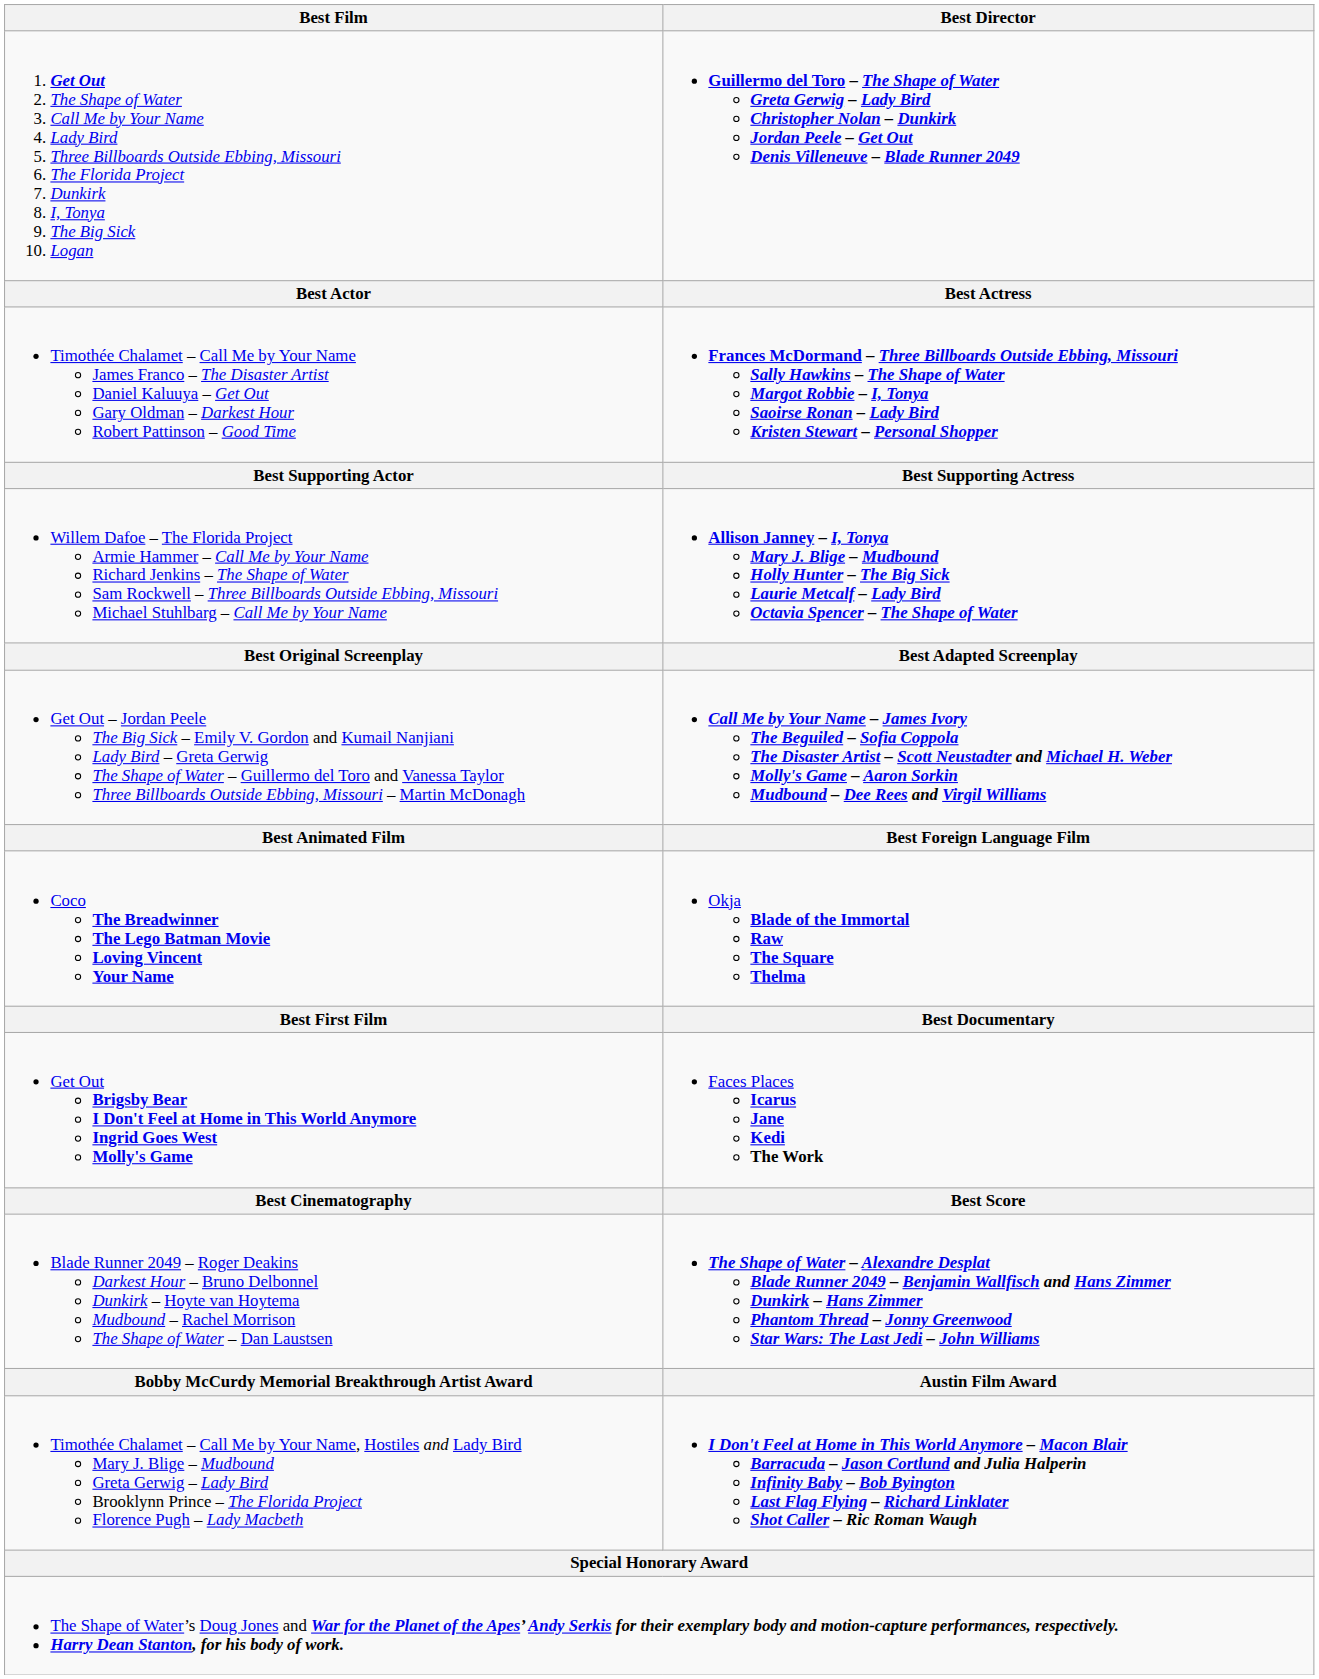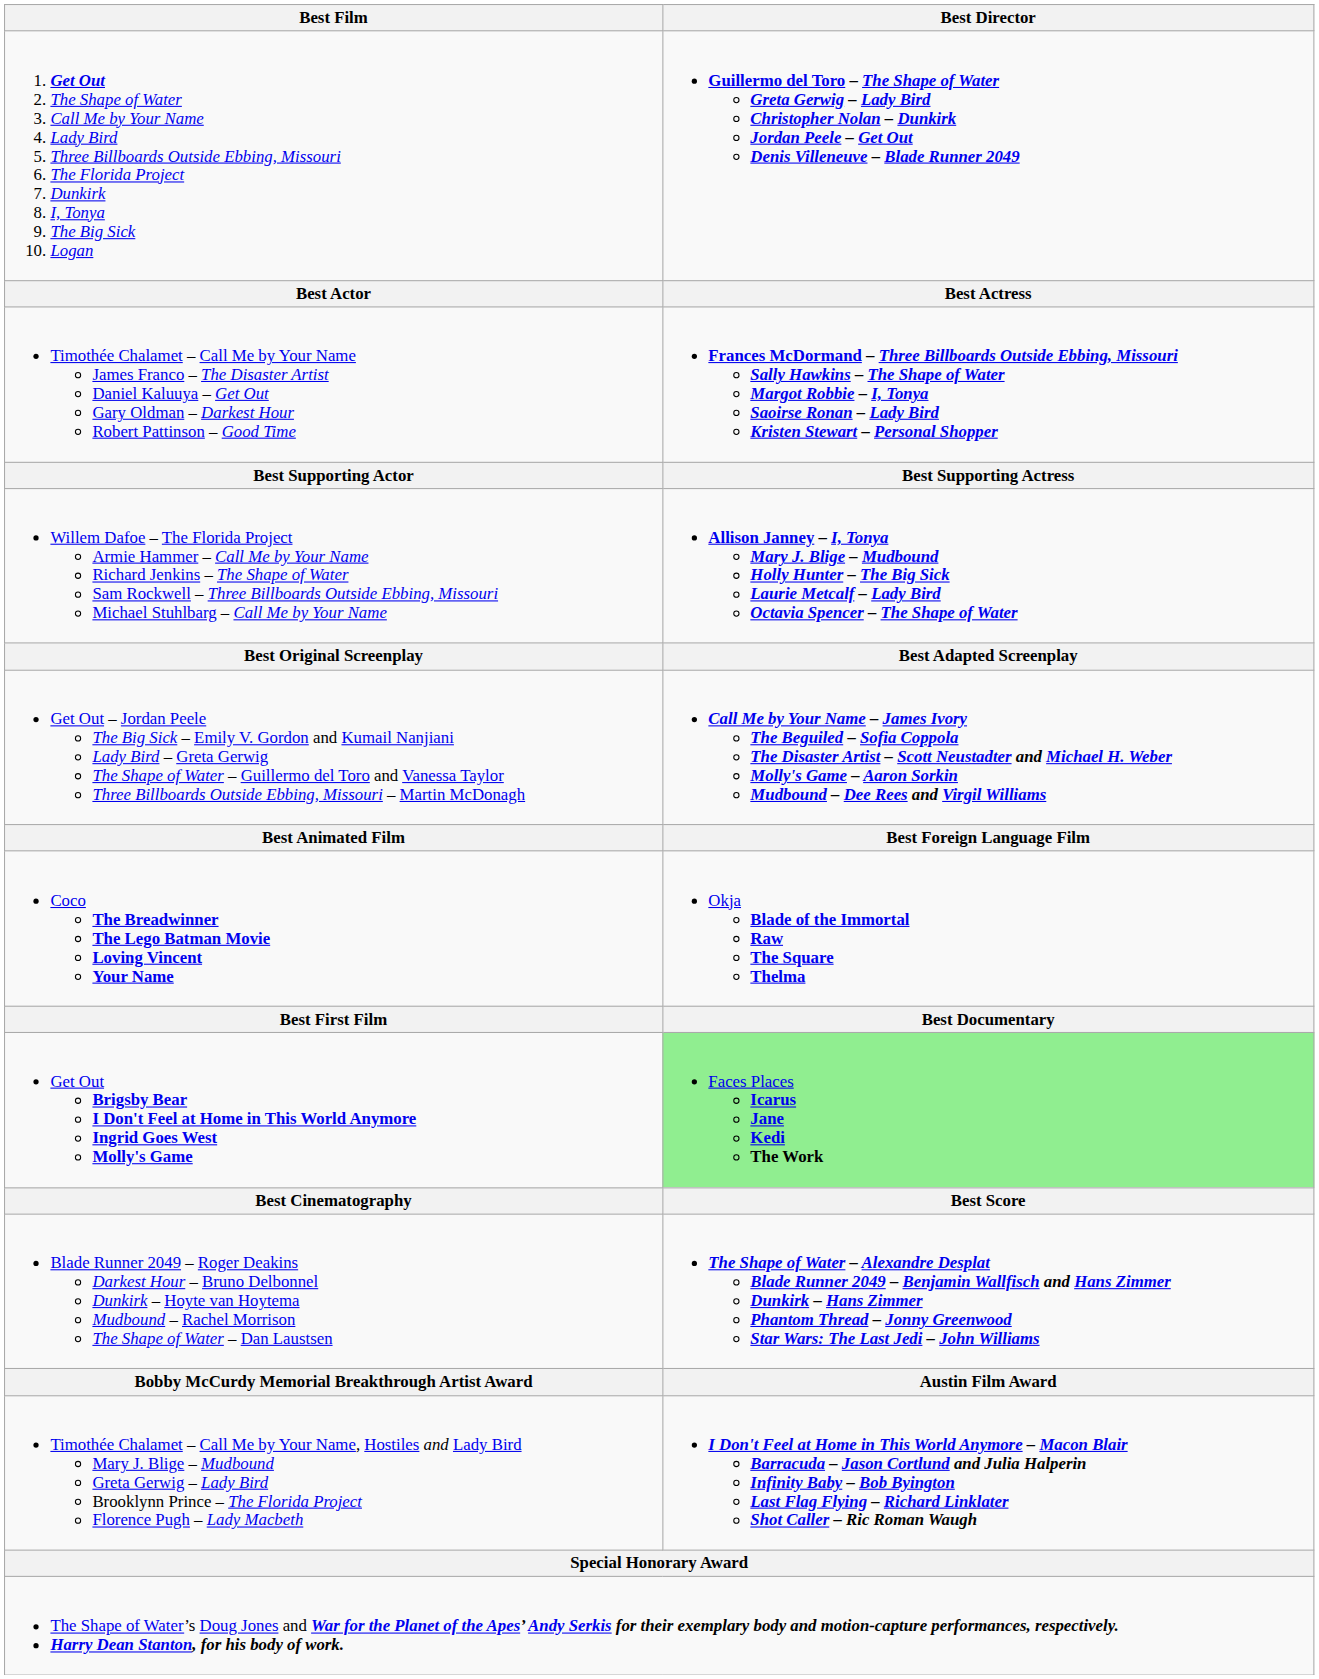 <table class=wikitable style="width=100%">
 <tr>
 <th style="width=50%">Best Film</th>
 <th style="width=50%">Best Director</th>
 </tr>
 <tr>
 <td valign="top"><br><ol><li><strong><em><a href='#'>Get Out</a></em></strong></li><li><em><a href='#'>The Shape of Water</a></em></li><li><em><a href='#'>Call Me by Your Name</a></em></li><li><em><a href='#'>Lady Bird</a></em></li><li><em><a href='#'>Three Billboards Outside Ebbing, Missouri</a></em></li><li><em><a href='#'>The Florida Project</a></em></li><li><em><a href='#'>Dunkirk</a></em></li><li><em><a href='#'>I, Tonya</a></em></li><li><em><a href='#'>The Big Sick</a></em></li><li><em><a href='#'>Logan</a></em></li></ol></td>
 <td valign="top"><br><ul><li><strong><a href='#'>Guillermo del Toro</a> – <em><a href='#'>The Shape of Water</a><strong><em><ul><li><a href='#'>Greta Gerwig</a> – </em><a href='#'>Lady Bird</a><em></li><li><a href='#'>Christopher Nolan</a> – </em><a href='#'>Dunkirk</a><em></li><li><a href='#'>Jordan Peele</a> – </em><a href='#'>Get Out</a><em></li><li><a href='#'>Denis Villeneuve</a> – </em><a href='#'>Blade Runner 2049</a><em></li></ul></li></ul></td>
 </tr>
 <tr>
 <th style="width=50%">Best Actor</th>
 <th style="width=50%">Best Actress</th>
 </tr>
 <tr>
 <td valign="top"><br><ul><li></strong><a href='#'>Timothée Chalamet</a> – </em><a href='#'>Call Me by Your Name</a></em></strong><ul><li><a href='#'>James Franco</a> – <em><a href='#'>The Disaster Artist</a></em></li><li><a href='#'>Daniel Kaluuya</a> – <em><a href='#'>Get Out</a></em></li><li><a href='#'>Gary Oldman</a> – <em><a href='#'>Darkest Hour</a></em></li><li><a href='#'>Robert Pattinson</a> – <em><a href='#'>Good Time</a></em></li></ul></li></ul></td>
 <td valign="top"><br><ul><li><strong><a href='#'>Frances McDormand</a> – <em><a href='#'>Three Billboards Outside Ebbing, Missouri</a><strong><em><ul><li><a href='#'>Sally Hawkins</a> – </em><a href='#'>The Shape of Water</a><em></li><li><a href='#'>Margot Robbie</a> – </em><a href='#'>I, Tonya</a><em></li><li><a href='#'>Saoirse Ronan</a> – </em><a href='#'>Lady Bird</a><em></li><li><a href='#'>Kristen Stewart</a> – </em><a href='#'>Personal Shopper</a><em></li></ul></li></ul></td>
 </tr>
 <tr>
 <th style="width=50%">Best Supporting Actor</th>
 <th style="width=50%">Best Supporting Actress</th>
 </tr>
 <tr>
 <td valign="top"><br><ul><li></strong><a href='#'>Willem Dafoe</a> – </em><a href='#'>The Florida Project</a></em></strong><ul><li><a href='#'>Armie Hammer</a> – <em><a href='#'>Call Me by Your Name</a></em></li><li><a href='#'>Richard Jenkins</a> – <em><a href='#'>The Shape of Water</a></em></li><li><a href='#'>Sam Rockwell</a> – <em><a href='#'>Three Billboards Outside Ebbing, Missouri</a></em></li><li><a href='#'>Michael Stuhlbarg</a> – <em><a href='#'>Call Me by Your Name</a></em></li></ul></li></ul></td>
 <td valign="top"><br><ul><li><strong><a href='#'>Allison Janney</a> – <em><a href='#'>I, Tonya</a><strong><em><ul><li><a href='#'>Mary J. Blige</a> – </em><a href='#'>Mudbound</a><em></li><li><a href='#'>Holly Hunter</a> – </em><a href='#'>The Big Sick</a><em></li><li><a href='#'>Laurie Metcalf</a> – </em><a href='#'>Lady Bird</a><em></li><li><a href='#'>Octavia Spencer</a> – </em><a href='#'>The Shape of Water</a><em></li></ul></li></ul></td>
 </tr>
 <tr>
 <th style="width=50%">Best Original Screenplay</th>
 <th style="width=50%">Best Adapted Screenplay</th>
 </tr>
 <tr>
 <td valign="top"><br><ul><li></em></strong><a href='#'>Get Out</a></em> – <a href='#'>Jordan Peele</a></strong><ul><li><em><a href='#'>The Big Sick</a></em> – <a href='#'>Emily V. Gordon</a> and <a href='#'>Kumail Nanjiani</a></li><li><em><a href='#'>Lady Bird</a></em> – <a href='#'>Greta Gerwig</a></li><li><em><a href='#'>The Shape of Water</a></em> – <a href='#'>Guillermo del Toro</a> and <a href='#'>Vanessa Taylor</a></li><li><em><a href='#'>Three Billboards Outside Ebbing, Missouri</a></em> – <a href='#'>Martin McDonagh</a></li></ul></li></ul></td>
 <td valign="top"><br><ul><li><strong><em><a href='#'>Call Me by Your Name</a><em> – <a href='#'>James Ivory</a><strong><ul><li></em><a href='#'>The Beguiled</a><em> – <a href='#'>Sofia Coppola</a></li><li></em><a href='#'>The Disaster Artist</a><em> – <a href='#'>Scott Neustadter</a> and <a href='#'>Michael H. Weber</a></li><li></em><a href='#'>Molly's Game</a><em> – <a href='#'>Aaron Sorkin</a></li><li></em><a href='#'>Mudbound</a><em> – <a href='#'>Dee Rees</a> and <a href='#'>Virgil Williams</a></li></ul></li></ul></td>
 </tr>
 <tr>
 <th style="width=50%">Best Animated Film</th>
 <th style="width=50%">Best Foreign Language Film</th>
 </tr>
 <tr>
 <td valign="top"><br><ul><li></em></strong><a href='#'>Coco</a><strong><em><ul><li></em><a href='#'>The Breadwinner</a><em></li><li></em><a href='#'>The Lego Batman Movie</a><em></li><li></em><a href='#'>Loving Vincent</a><em></li><li></em><a href='#'>Your Name</a><em></li></ul></li></ul></td>
 <td valign="top"><br><ul><li></em></strong><a href='#'>Okja</a><strong><em><ul><li></em><a href='#'>Blade of the Immortal</a><em></li><li></em><a href='#'>Raw</a><em></li><li></em><a href='#'>The Square</a><em></li><li></em><a href='#'>Thelma</a><em></li></ul></li></ul></td>
 </tr>
 <tr>
 <th style="width=50%">Best First Film</th>
 <th style="width=50%">Best Documentary</th>
 </tr>
 <tr>
 <td valign="top"><br><ul><li></em></strong><a href='#'>Get Out</a><strong><em><ul><li></em><a href='#'>Brigsby Bear</a><em></li><li></em><a href='#'>I Don't Feel at Home in This World Anymore</a><em></li><li></em><a href='#'>Ingrid Goes West</a><em></li><li></em><a href='#'>Molly's Game</a><em></li></ul></li></ul></td>
-<td valign="top"><br><ul><li></em></strong><a href='#'>Faces Places</a><strong><em><ul><li></em><a href='#'>Icarus</a><em></li><li></em><a href='#'>Jane</a><em></li><li></em><a href='#'>Kedi</a><em></li><li></em>The Work<em></li></ul></li></ul></td>
+<td valign="top" style="background: lightgreen;"><br><ul><li></em></strong><a href='#'>Faces Places</a><strong><em><ul><li></em><a href='#'>Icarus</a><em></li><li></em><a href='#'>Jane</a><em></li><li></em><a href='#'>Kedi</a><em></li><li></em>The Work<em></li></ul></li></ul></td>
 </tr>
 <tr>
 <th style="width=50%">Best Cinematography</th>
 <th style="width=50%">Best Score</th>
 </tr>
 <tr>
 <td valign="top"><br><ul><li></em></strong><a href='#'>Blade Runner 2049</a></em> – <a href='#'>Roger Deakins</a></strong><ul><li><em><a href='#'>Darkest Hour</a></em> – <a href='#'>Bruno Delbonnel</a></li><li><em><a href='#'>Dunkirk</a></em> – <a href='#'>Hoyte van Hoytema</a></li><li><em><a href='#'>Mudbound</a></em> – <a href='#'>Rachel Morrison</a></li><li><em><a href='#'>The Shape of Water</a></em> – <a href='#'>Dan Laustsen</a></li></ul></li></ul></td>
 <td valign="top"><br><ul><li><strong><em><a href='#'>The Shape of Water</a><em> – <a href='#'>Alexandre Desplat</a><strong><ul><li></em><a href='#'>Blade Runner 2049</a><em> – <a href='#'>Benjamin Wallfisch</a> and <a href='#'>Hans Zimmer</a></li><li></em><a href='#'>Dunkirk</a><em> – <a href='#'>Hans Zimmer</a></li><li></em><a href='#'>Phantom Thread</a><em> – <a href='#'>Jonny Greenwood</a></li><li></em><a href='#'>Star Wars: The Last Jedi</a><em> – <a href='#'>John Williams</a></li></ul></li></ul></td>
 </tr>
 <tr>
 <th style="width=50%">Bobby McCurdy Memorial Breakthrough Artist Award</th>
 <th style="width=50%">Austin Film Award</th>
 </tr>
 <tr>
 <td valign="top"><br><ul><li></strong><a href='#'>Timothée Chalamet</a> – </em><a href='#'>Call Me by Your Name</a><em>, </em><a href='#'>Hostiles</a><em> and </em><a href='#'>Lady Bird</a></em></strong><ul><li><a href='#'>Mary J. Blige</a> – <em><a href='#'>Mudbound</a></em></li><li><a href='#'>Greta Gerwig</a> – <em><a href='#'>Lady Bird</a></em></li><li>Brooklynn Prince – <em><a href='#'>The Florida Project</a></em></li><li><a href='#'>Florence Pugh</a> – <em><a href='#'>Lady Macbeth</a></em></li></ul></li></ul></td>
 <td valign="top"><br><ul><li><strong><em><a href='#'>I Don't Feel at Home in This World Anymore</a><em> – <a href='#'>Macon Blair</a><strong><ul><li></em><a href='#'>Barracuda</a><em> – <a href='#'>Jason Cortlund</a> and Julia Halperin</li><li></em><a href='#'>Infinity Baby</a><em> – <a href='#'>Bob Byington</a></li><li></em><a href='#'>Last Flag Flying</a><em> – <a href='#'>Richard Linklater</a></li><li></em><a href='#'>Shot Caller</a><em> – Ric Roman Waugh</li></ul></li></ul></td>
 </tr>
 <tr>
 <th colspan="2">Special Honorary Award</th>
 </tr>
 <tr>
 <td colspan=2 valign="top" width="50%"><br><ul><li></em></strong><a href='#'>The Shape of Water</a></em>’s <a href='#'>Doug Jones</a></strong> and <strong><em><a href='#'>War for the Planet of the Apes</a>’<em> <a href='#'>Andy Serkis</a><strong> for their exemplary body and motion-capture performances, respectively.</li><li></strong><a href='#'>Harry Dean Stanton</a><strong>, for his body of work.</li></ul></td>
 </tr>
 </table>
